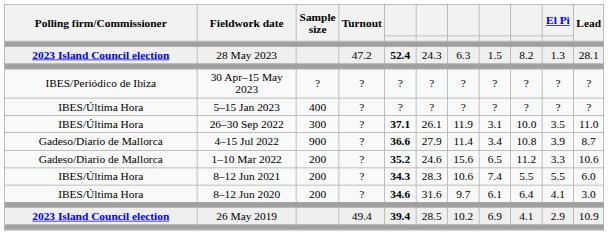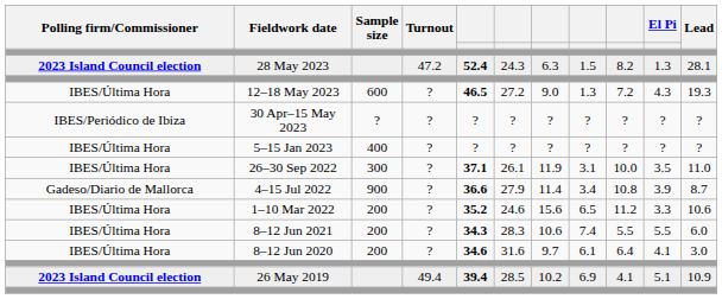 <table class="wikitable collapsible collapsed" style="text-align:center; font-size:95%; line-height:16px;">
 <tr style="height:42px;">
 <th style="width:250px;" rowspan="2">Polling firm/Commissioner</th>
 <th style="width:125px;" rowspan="2">Fieldwork date</th>
 <th style="width:50px;" rowspan="2">Sample size</th>
 <th style="width:45px;" rowspan="2">Turnout</th>
 <th style="width:35px;"></th>
 <th style="width:35px;"></th>
 <th style="width:35px;"></th>
 <th style="width:35px;"></th>
 <th style="width:35px;"></th>
 <th style="width:35px;"><a href='#'>El Pi</a></th>
 <th style="width:30px;" rowspan="2">Lead</th>
 </tr>
 <tr>
 <th style="color:inherit;background:"></th>
 <th style="color:inherit;background:"></th>
 <th style="color:inherit;background:"></th>
 <th style="color:inherit;background:"></th>
 <th style="color:inherit;background:"></th>
 <th style="color:inherit;background:"></th>
 </tr>
 <tr>
 <td colspan="11" style="background:#A0A0A0"></td>
 </tr>
 <tr style="background:#EFEFEF;">
 <td><strong><a href='#'>2023 Island Council election</a></strong></td>
 <td>28 May 2023</td>
 <td></td>
 <td>47.2</td>
 <td><strong>52.4</strong><br></td>
 <td>24.3<br></td>
 <td>6.3<br></td>
 <td>1.5<br></td>
 <td>8.2<br></td>
 <td>1.3<br></td>
 <td style="background:">28.1</td>
 </tr>
 <tr>
 <td colspan="11" style="background:#A0A0A0"></td>
+</tr>
+<tr>
+<td>IBES/Última Hora</td>
+<td>12–18 May 2023</td>
+<td>600</td>
+<td>?</td>
+<td><strong>46.5</strong><br></td>
+<td>27.2<br></td>
+<td>9.0<br></td>
+<td>1.3<br></td>
+<td>7.2<br></td>
+<td>4.3<br></td>
+<td style="background:">19.3</td>
 </tr>
 <tr>
 <td>IBES/Periódico de Ibiza</td>
 <td>30 Apr–15 May 2023</td>
 <td>?</td>
 <td>?</td>
 <td>?<br></td>
 <td>?<br></td>
 <td>?<br></td>
 <td>?<br></td>
 <td>?<br></td>
 <td>?<br></td>
 <td style="background:">?</td>
 </tr>
 <tr>
 <td>IBES/Última Hora</td>
 <td>5–15 Jan 2023</td>
 <td>400</td>
 <td>?</td>
 <td>?<br></td>
 <td>?<br></td>
 <td>?<br></td>
 <td>?<br></td>
 <td>?<br></td>
 <td>?<br></td>
 <td style="background:">?</td>
 </tr>
 <tr>
 <td>IBES/Última Hora</td>
 <td>26–30 Sep 2022</td>
 <td>300</td>
 <td>?</td>
 <td><strong>37.1</strong><br></td>
 <td>26.1<br></td>
 <td>11.9<br></td>
 <td>3.1<br></td>
 <td>10.0<br></td>
 <td>3.5<br></td>
 <td style="background:">11.0</td>
 </tr>
 <tr>
 <td>Gadeso/Diario de Mallorca</td>
 <td>4–15 Jul 2022</td>
 <td>900</td>
 <td>?</td>
 <td><strong>36.6</strong><br></td>
 <td>27.9<br></td>
 <td>11.4<br></td>
 <td>3.4<br></td>
 <td>10.8<br></td>
 <td>3.9<br></td>
 <td style="background:">8.7</td>
 </tr>
 <tr>
-<td>Gadeso/Diario de Mallorca</td>
+<td>IBES/Última Hora</td>
 <td>1–10 Mar 2022</td>
 <td>200</td>
 <td>?</td>
 <td><strong>35.2</strong><br></td>
 <td>24.6<br></td>
 <td>15.6<br></td>
 <td>6.5<br></td>
 <td>11.2<br></td>
 <td>3.3<br></td>
 <td style="background:">10.6</td>
 </tr>
 <tr>
 <td>IBES/Última Hora</td>
 <td>8–12 Jun 2021</td>
 <td>200</td>
 <td>?</td>
 <td><strong>34.3</strong><br></td>
 <td>28.3<br></td>
 <td>10.6<br></td>
 <td>7.4<br></td>
 <td>5.5<br></td>
 <td>5.5<br></td>
 <td style="background:">6.0</td>
 </tr>
 <tr>
 <td>IBES/Última Hora</td>
 <td>8–12 Jun 2020</td>
 <td>200</td>
 <td>?</td>
 <td><strong>34.6</strong><br></td>
 <td>31.6<br></td>
 <td>9.7<br></td>
 <td>6.1<br></td>
 <td>6.4<br></td>
 <td>4.1<br></td>
 <td style="background:">3.0</td>
 </tr>
 <tr>
 <td colspan="11" style="background:#A0A0A0"></td>
 </tr>
 <tr style="background:#EFEFEF;">
 <td><strong><a href='#'>2023 Island Council election</a></strong></td>
 <td>26 May 2019</td>
 <td></td>
 <td>49.4</td>
 <td><strong>39.4</strong><br></td>
 <td>28.5<br></td>
 <td>10.2<br></td>
 <td>6.9<br></td>
 <td>4.1<br></td>
-<td>2.9<br></td>
+<td>5.1<br></td>
 <td style="background:">10.9</td>
 </tr>
 <tr>
 <td colspan="11" style="background:#A0A0A0"></td>
 </tr>
 </table>
